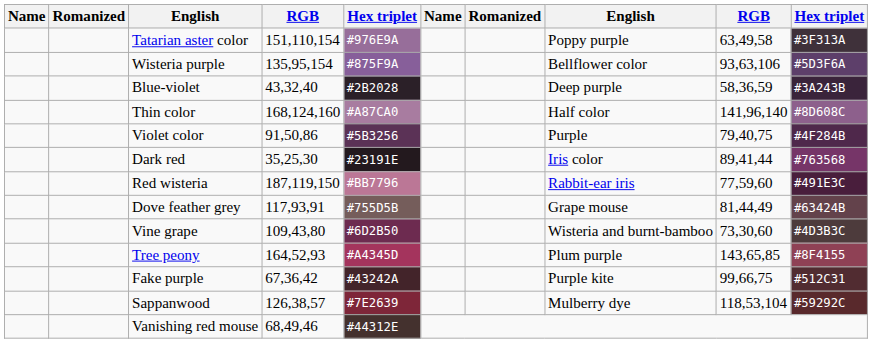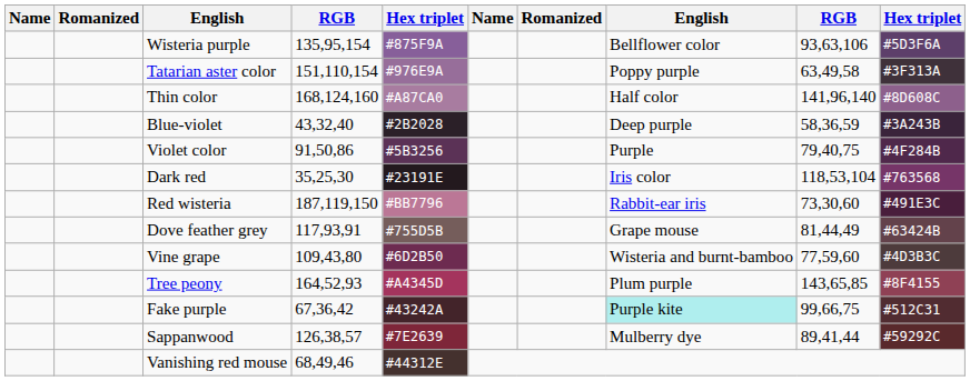 <table class="wikitable">
 <tr>
 <th>Name</th>
 <th>Romanized</th>
 <th>English</th>
 <th><a href='#'>RGB</a></th>
 <th><a href='#'>Hex triplet</a></th>
 <th>Name</th>
 <th>Romanized</th>
 <th>English</th>
 <th><a href='#'>RGB</a></th>
 <th><a href='#'>Hex triplet</a></th>
 </tr>
 <tr>
 <td></td>
 <td></td>
+<td>Wisteria purple</td>
+<td>135,95,154</td>
+<td style="background:#875F9A; color:#ffffff; font-family:monospace;">#875F9A</td>
+<td></td>
+<td></td>
+<td>Bellflower color</td>
+<td>93,63,106</td>
+<td style="background:#5D3F6A; color:#ffffff; font-family:monospace;">#5D3F6A</td>
+</tr>
+<tr>
+<td></td>
+<td></td>
 <td><a href='#'>Tatarian aster</a> color</td>
 <td>151,110,154</td>
 <td style="background:#976E9A; color:#ffffff; font-family:monospace;">#976E9A</td>
 <td></td>
 <td></td>
 <td>Poppy purple</td>
 <td>63,49,58</td>
 <td style="background:#3F313A; color:#ffffff; font-family:monospace;">#3F313A</td>
 </tr>
 <tr>
 <td></td>
 <td></td>
-<td>Wisteria purple</td>
-<td>135,95,154</td>
-<td style="background:#875F9A; color:#ffffff; font-family:monospace;">#875F9A</td>
+<td>Thin color</td>
+<td>168,124,160</td>
+<td style="background:#A87CA0; color:#ffffff; font-family:monospace;">#A87CA0</td>
 <td></td>
 <td></td>
-<td>Bellflower color</td>
-<td>93,63,106</td>
-<td style="background:#5D3F6A; color:#ffffff; font-family:monospace;">#5D3F6A</td>
+<td>Half color</td>
+<td>141,96,140</td>
+<td style="background:#8D608C; color:#ffffff; font-family:monospace;">#8D608C</td>
 </tr>
 <tr>
 <td></td>
 <td></td>
 <td>Blue-violet</td>
 <td>43,32,40</td>
 <td style="background:#2B2028; color:#ffffff; font-family:monospace;">#2B2028</td>
 <td></td>
 <td></td>
 <td>Deep purple</td>
 <td>58,36,59</td>
 <td style="background:#3A243B; color:#ffffff; font-family:monospace;">#3A243B</td>
-</tr>
-<tr>
-<td></td>
-<td></td>
-<td>Thin color</td>
-<td>168,124,160</td>
-<td style="background:#A87CA0; color:#ffffff; font-family:monospace;">#A87CA0</td>
-<td></td>
-<td></td>
-<td>Half color</td>
-<td>141,96,140</td>
-<td style="background:#8D608C; color:#ffffff; font-family:monospace;">#8D608C</td>
 </tr>
 <tr>
 <td></td>
 <td></td>
 <td>Violet color</td>
 <td>91,50,86</td>
 <td style="background:#5B3256; color:#ffffff; font-family:monospace;">#5B3256</td>
 <td></td>
 <td></td>
 <td>Purple</td>
 <td>79,40,75</td>
 <td style="background:#4F284B; color:#ffffff; font-family:monospace;">#4F284B</td>
 </tr>
 <tr>
 <td></td>
 <td></td>
 <td>Dark red</td>
 <td>35,25,30</td>
 <td style="background:#23191E; color:#ffffff; font-family:monospace;">#23191E</td>
 <td></td>
 <td></td>
 <td><a href='#'>Iris</a> color</td>
-<td>89,41,44</td>
+<td>118,53,104</td>
 <td style="background:#763568; color:#ffffff; font-family:monospace;">#763568</td>
 </tr>
 <tr>
 <td></td>
 <td></td>
 <td>Red wisteria</td>
 <td>187,119,150</td>
 <td style="background:#BB7796; color:#ffffff; font-family:monospace;">#BB7796</td>
 <td></td>
 <td></td>
 <td><a href='#'>Rabbit-ear iris</a></td>
-<td>77,59,60</td>
+<td>73,30,60</td>
 <td style="background:#491E3C; color:#ffffff; font-family:monospace;">#491E3C</td>
 </tr>
 <tr>
 <td></td>
 <td></td>
 <td>Dove feather grey</td>
 <td>117,93,91</td>
 <td style="background:#755D5B; color:#ffffff; font-family:monospace;">#755D5B</td>
 <td></td>
 <td></td>
 <td>Grape mouse</td>
 <td>81,44,49</td>
 <td style="background:#63424B; color:#ffffff; font-family:monospace;">#63424B</td>
 </tr>
 <tr>
 <td></td>
 <td></td>
 <td>Vine grape</td>
 <td>109,43,80</td>
 <td style="background:#6D2B50; color:#ffffff; font-family:monospace;">#6D2B50</td>
 <td></td>
 <td></td>
 <td>Wisteria and burnt-bamboo</td>
-<td>73,30,60</td>
+<td>77,59,60</td>
 <td style="background:#4D3B3C; color:#ffffff; font-family:monospace;">#4D3B3C</td>
 </tr>
 <tr>
 <td></td>
 <td></td>
 <td><a href='#'>Tree peony</a></td>
 <td>164,52,93</td>
 <td style="background:#A4345D; color:#ffffff; font-family:monospace;">#A4345D</td>
 <td></td>
 <td></td>
 <td>Plum purple</td>
 <td>143,65,85</td>
 <td style="background:#8F4155; color:#ffffff; font-family:monospace;">#8F4155</td>
 </tr>
 <tr>
 <td></td>
 <td></td>
 <td>Fake purple</td>
 <td>67,36,42</td>
 <td style="background:#43242A; color:#ffffff; font-family:monospace;">#43242A</td>
 <td></td>
 <td></td>
-<td>Purple kite</td>
+<td style="background: paleturquoise;">Purple kite</td>
 <td>99,66,75</td>
 <td style="background:#512C31; color:#ffffff; font-family:monospace;">#512C31</td>
 </tr>
 <tr>
 <td></td>
 <td></td>
 <td>Sappanwood</td>
 <td>126,38,57</td>
 <td style="background:#7E2639; color:#ffffff; font-family:monospace;">#7E2639</td>
 <td></td>
 <td></td>
 <td>Mulberry dye</td>
-<td>118,53,104</td>
+<td>89,41,44</td>
 <td style="background:#59292C; color:#ffffff; font-family:monospace;">#59292C</td>
 </tr>
 <tr>
 <td></td>
 <td></td>
 <td>Vanishing red mouse</td>
 <td>68,49,46</td>
 <td style="background:#44312E; color:#ffffff; font-family:monospace;">#44312E</td>
 </tr>
 </table>
